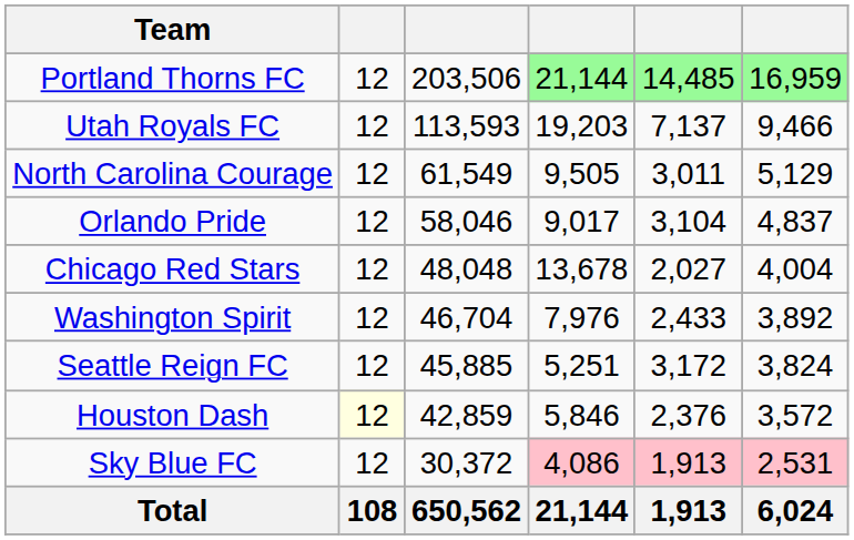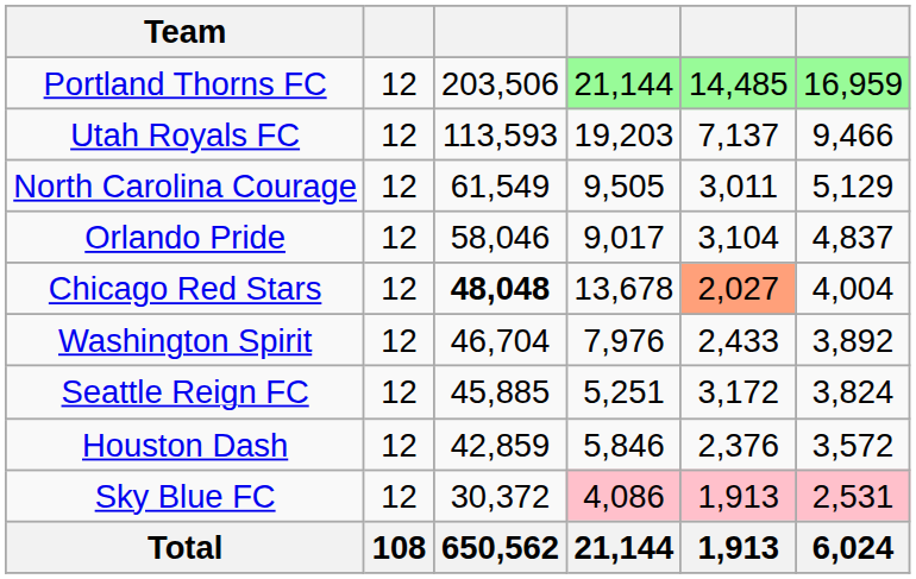 <table class="wikitable sortable" style="font-size: 95%;text-align: center;">
 <tr>
 <th>Team</th>
 <th></th>
 <th></th>
 <th></th>
 <th></th>
 <th></th>
 </tr>
 <tr>
 <td><a href='#'>Portland Thorns FC</a></td>
 <td>12</td>
 <td>203,506</td>
 <td bgcolor="#98fb98">21,144</td>
 <td bgcolor="#98fb98">14,485</td>
 <td bgcolor="#98fb98">16,959</td>
 </tr>
 <tr>
 <td><a href='#'>Utah Royals FC</a></td>
 <td>12</td>
 <td>113,593</td>
 <td>19,203</td>
 <td>7,137</td>
 <td>9,466</td>
 </tr>
 <tr>
 <td><a href='#'>North Carolina Courage</a></td>
 <td>12</td>
 <td>61,549</td>
 <td>9,505</td>
 <td>3,011</td>
 <td>5,129</td>
 </tr>
 <tr>
 <td><a href='#'>Orlando Pride</a></td>
 <td>12</td>
 <td>58,046</td>
 <td>9,017</td>
 <td>3,104</td>
 <td>4,837</td>
 </tr>
 <tr>
 <td><a href='#'>Chicago Red Stars</a></td>
 <td>12</td>
-<td>48,048</td>
+<td><strong>48,048</strong></td>
 <td>13,678</td>
-<td>2,027</td>
+<td style="background: lightsalmon;">2,027</td>
 <td>4,004</td>
 </tr>
 <tr>
 <td><a href='#'>Washington Spirit</a></td>
 <td>12</td>
 <td>46,704</td>
 <td>7,976</td>
 <td>2,433</td>
 <td>3,892</td>
 </tr>
 <tr>
 <td><a href='#'>Seattle Reign FC</a></td>
 <td>12</td>
 <td>45,885</td>
 <td>5,251</td>
 <td>3,172</td>
 <td>3,824</td>
 </tr>
 <tr>
 <td><a href='#'>Houston Dash</a></td>
-<td style="background: lightyellow;">12</td>
+<td>12</td>
 <td>42,859</td>
 <td>5,846</td>
 <td>2,376</td>
 <td>3,572</td>
 </tr>
 <tr>
 <td><a href='#'>Sky Blue FC</a></td>
 <td>12</td>
 <td>30,372</td>
 <td bgcolor="#ffc0cb">4,086</td>
 <td bgcolor="#ffc0cb">1,913</td>
 <td bgcolor="#ffc0cb">2,531</td>
 </tr>
 <tr>
 <th>Total</th>
 <th>108</th>
 <th>650,562</th>
 <th>21,144</th>
 <th>1,913</th>
 <th>6,024</th>
 </tr>
 </table>
